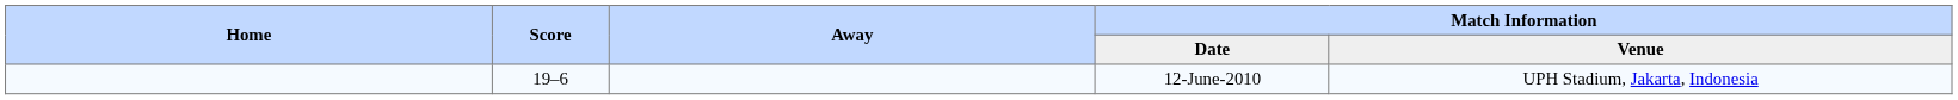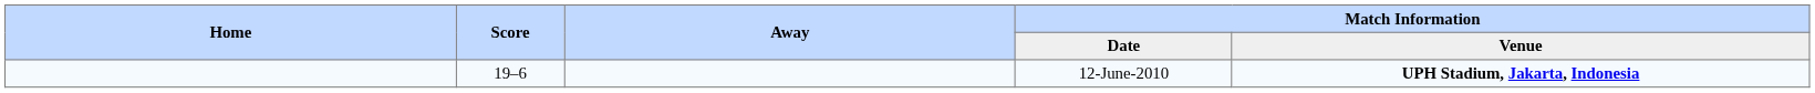 <table border=1 style="border-collapse:collapse; font-size:90%; text-align:center;" cellpadding=3 cellspacing=0 width=100%>
 <tr bgcolor=#C1D8FF>
 <th rowspan=2 width=25%>Home</th>
 <th rowspan=2 width=6%>Score</th>
 <th rowspan=2 width=25%>Away</th>
 <th colspan=6>Match Information</th>
 </tr>
 <tr bgcolor=#EFEFEF>
 <th width=12%>Date</th>
 <th width=32%>Venue</th>
 </tr>
 <tr bgcolor=#F5FAFF>
 <td align=right><strong></strong></td>
 <td>19–6</td>
 <td align=left></td>
 <td>12-June-2010</td>
-<td>UPH Stadium, <a href='#'>Jakarta</a>, <a href='#'>Indonesia</a></td>
+<td><strong>UPH Stadium, <a href='#'>Jakarta</a>, <a href='#'>Indonesia</a></strong></td>
 </tr>
 </table>
